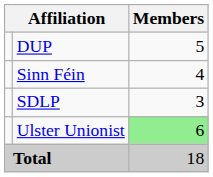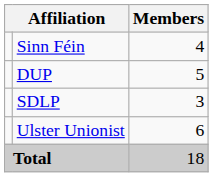 <table class="wikitable">
 <tr>
 <th colspan="2">Affiliation</th>
 <th>Members</th>
 </tr>
 <tr>
 <td></td>
-<td><a href='#'>DUP</a></td>
-<td align="right">5</td>
+<td><a href='#'>Sinn Féin</a></td>
+<td align="right">4</td>
 </tr>
 <tr>
 <td></td>
-<td><a href='#'>Sinn Féin</a></td>
-<td align="right">4</td>
+<td><a href='#'>DUP</a></td>
+<td align="right">5</td>
 </tr>
 <tr>
 <td></td>
 <td><a href='#'>SDLP</a></td>
 <td align="right">3</td>
 </tr>
 <tr>
 <td></td>
 <td><a href='#'>Ulster Unionist</a></td>
-<td align="right" style="background: lightgreen;">6</td>
+<td align="right">6</td>
 </tr>
 <tr bgcolor="CCCCCC">
 <td colspan="2" rowspan="1"> <strong>Total</strong></td>
 <td align="right">18</td>
 </tr>
 </table>
